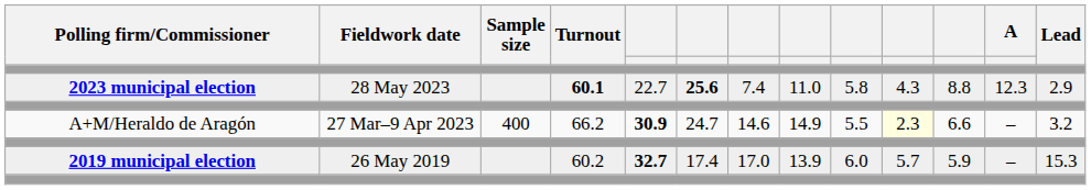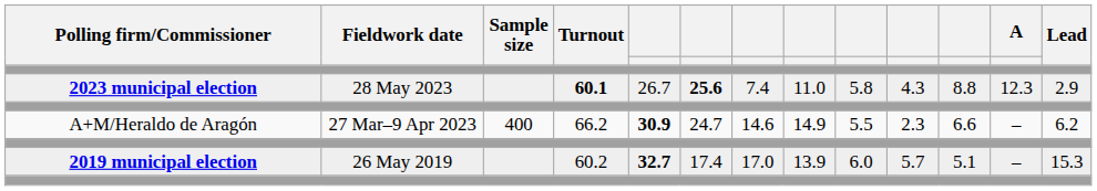 <table class="wikitable collapsible collapsed" style="text-align:center; font-size:95%; line-height:16px;">
 <tr style="height:42px;">
 <th style="width:250px;" rowspan="2">Polling firm/Commissioner</th>
 <th style="width:125px;" rowspan="2">Fieldwork date</th>
 <th style="width:50px;" rowspan="2">Sample size</th>
 <th style="width:45px;" rowspan="2">Turnout</th>
 <th style="width:35px;"></th>
 <th style="width:35px;"></th>
 <th style="width:35px;"></th>
 <th style="width:35px;"></th>
 <th style="width:35px;"></th>
 <th style="width:35px;"></th>
 <th style="width:35px;"></th>
 <th style="width:35px;">A</th>
 <th style="width:30px;" rowspan="2">Lead</th>
 </tr>
 <tr>
 <th style="color:inherit;background:"></th>
 <th style="color:inherit;background:"></th>
 <th style="color:inherit;background:"></th>
 <th style="color:inherit;background:"></th>
 <th style="color:inherit;background:"></th>
 <th style="color:inherit;background:"></th>
 <th style="color:inherit;background:"></th>
 <th style="color:inherit;background:"></th>
 </tr>
 <tr>
 <td colspan="13" style="background:#A0A0A0"></td>
 </tr>
 <tr style="background:#EFEFEF;">
 <td><strong><a href='#'>2023 municipal election</a></strong></td>
 <td>28 May 2023</td>
 <td></td>
 <td><strong>60.1</strong></td>
-<td>22.7<br></td>
+<td>26.7<br></td>
 <td><strong>25.6</strong><br></td>
 <td>7.4<br></td>
 <td>11.0<br></td>
 <td>5.8<br></td>
 <td>4.3<br></td>
 <td>8.8<br></td>
 <td>12.3<br></td>
 <td style="background:">2.9</td>
 </tr>
 <tr>
 <td colspan="13" style="background:#A0A0A0"></td>
 </tr>
 <tr>
 <td>A+M/Heraldo de Aragón</td>
 <td>27 Mar–9 Apr 2023</td>
 <td>400</td>
 <td>66.2</td>
 <td><strong>30.9</strong><br></td>
 <td>24.7<br></td>
 <td>14.6<br></td>
 <td>14.9<br></td>
 <td>5.5<br></td>
-<td style="background: lightyellow;">2.3<br></td>
+<td>2.3<br></td>
 <td>6.6<br></td>
 <td>–</td>
-<td style="background:">3.2</td>
+<td style="background:">6.2</td>
 </tr>
 <tr>
 <td colspan="13" style="background:#A0A0A0"></td>
 </tr>
 <tr style="background:#EFEFEF;">
 <td><strong><a href='#'>2019 municipal election</a></strong></td>
 <td>26 May 2019</td>
 <td></td>
 <td>60.2</td>
 <td><strong>32.7</strong><br></td>
 <td>17.4<br></td>
 <td>17.0<br></td>
 <td>13.9<br></td>
 <td>6.0<br></td>
 <td>5.7<br></td>
-<td>5.9<br></td>
+<td>5.1<br></td>
 <td>–</td>
 <td style="background:">15.3</td>
 </tr>
 <tr>
 <td colspan="13" style="background:#A0A0A0"></td>
 </tr>
 </table>
